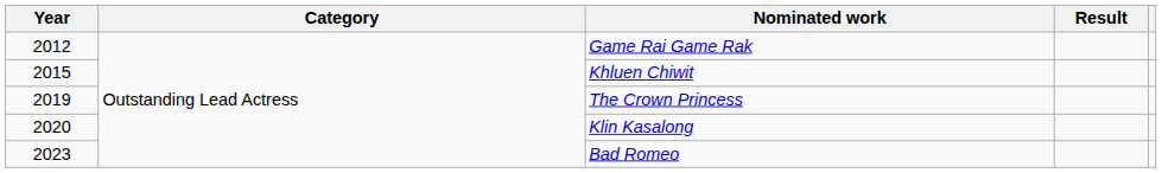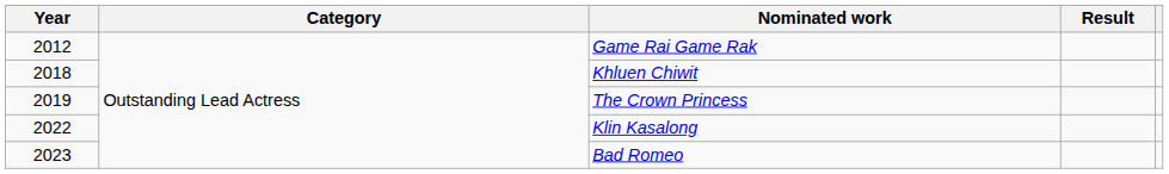 <table class=wikitable>
 <tr>
 <th scope="col" style="width:5em;">Year</th>
 <th scope="col" style="width:28em;">Category</th>
 <th scope="col" style="width:27em;">Nominated work</th>
 <th scope="col" style="width:5em;">Result</th>
 <th scope="col" class="unsortable"></th>
 </tr>
 <tr>
 <td style="text-align:center;">2012</td>
 <td rowspan="5">Outstanding Lead Actress</td>
 <td><em><a href='#'>Game Rai Game Rak</a></em></td>
 <td></td>
 <td style="text-align:center"></td>
 </tr>
 <tr>
-<td style="text-align:center;">2015</td>
+<td style="text-align:center;">2018</td>
 <td><em><a href='#'>Khluen Chiwit</a></em></td>
 <td></td>
 <td style="text-align:center"></td>
 </tr>
 <tr>
 <td style="text-align:center;">2019</td>
 <td><em><a href='#'>The Crown Princess</a></em></td>
 <td></td>
 <td style="text-align:center"></td>
 </tr>
 <tr>
-<td style="text-align:center;">2020</td>
+<td style="text-align:center;">2022</td>
 <td><em><a href='#'>Klin Kasalong</a></em></td>
 <td></td>
 <td style="text-align:center"></td>
 </tr>
 <tr>
 <td style="text-align:center;">2023</td>
 <td><em><a href='#'>Bad Romeo</a></em></td>
 <td></td>
 <td style="text-align:center"></td>
 </tr>
 </table>
